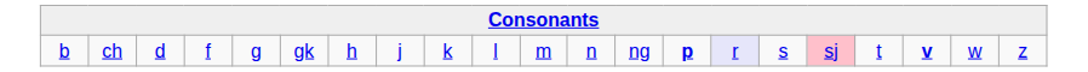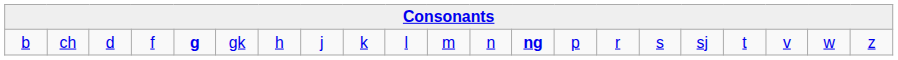 <table class="wikitable" style="margin:1em auto; border-collapse:collapse;">
 <tr>
 <td bgcolor="#EFEFEF" align="center" colspan="21"><strong><a href='#'>Consonants</a></strong></td>
 </tr>
 <tr>
 <td width=3% align="center"><a href='#'>b</a></td>
 <td width=3% align="center"><a href='#'>ch</a></td>
 <td width=3% align="center"><a href='#'>d</a></td>
 <td width=3% align="center"><a href='#'>f</a></td>
-<td width=3% align="center"><a href='#'>g</a></td>
+<td width=3% align="center"><strong><a href='#'>g</a></strong></td>
 <td width=3% align="center"><a href='#'>gk</a></td>
 <td width=3% align="center"><a href='#'>h</a></td>
 <td width=3% align="center"><a href='#'>j</a></td>
 <td width=3% align="center"><a href='#'>k</a></td>
 <td width=3% align="center"><a href='#'>l</a></td>
 <td width=3% align="center"><a href='#'>m</a></td>
 <td width=3% align="center"><a href='#'>n</a></td>
-<td width=3% align="center"><a href='#'>ng</a></td>
-<td width=3% align="center"><strong><a href='#'>p</a></strong></td>
-<td width=3% align="center" style="background: lavender;"><a href='#'>r</a></td>
+<td width=3% align="center"><strong><a href='#'>ng</a></strong></td>
+<td width=3% align="center"><a href='#'>p</a></td>
+<td width=3% align="center"><a href='#'>r</a></td>
 <td width=3% align="center"><a href='#'>s</a></td>
-<td width=3% align="center" style="background: pink;"><a href='#'>sj</a></td>
+<td width=3% align="center"><a href='#'>sj</a></td>
 <td width=3% align="center"><a href='#'>t</a></td>
-<td width=3% align="center"><strong><a href='#'>v</a></strong></td>
+<td width=3% align="center"><a href='#'>v</a></td>
 <td width=3% align="center"><a href='#'>w</a></td>
 <td width=3% align="center"><a href='#'>z</a></td>
 </tr>
 </table>
